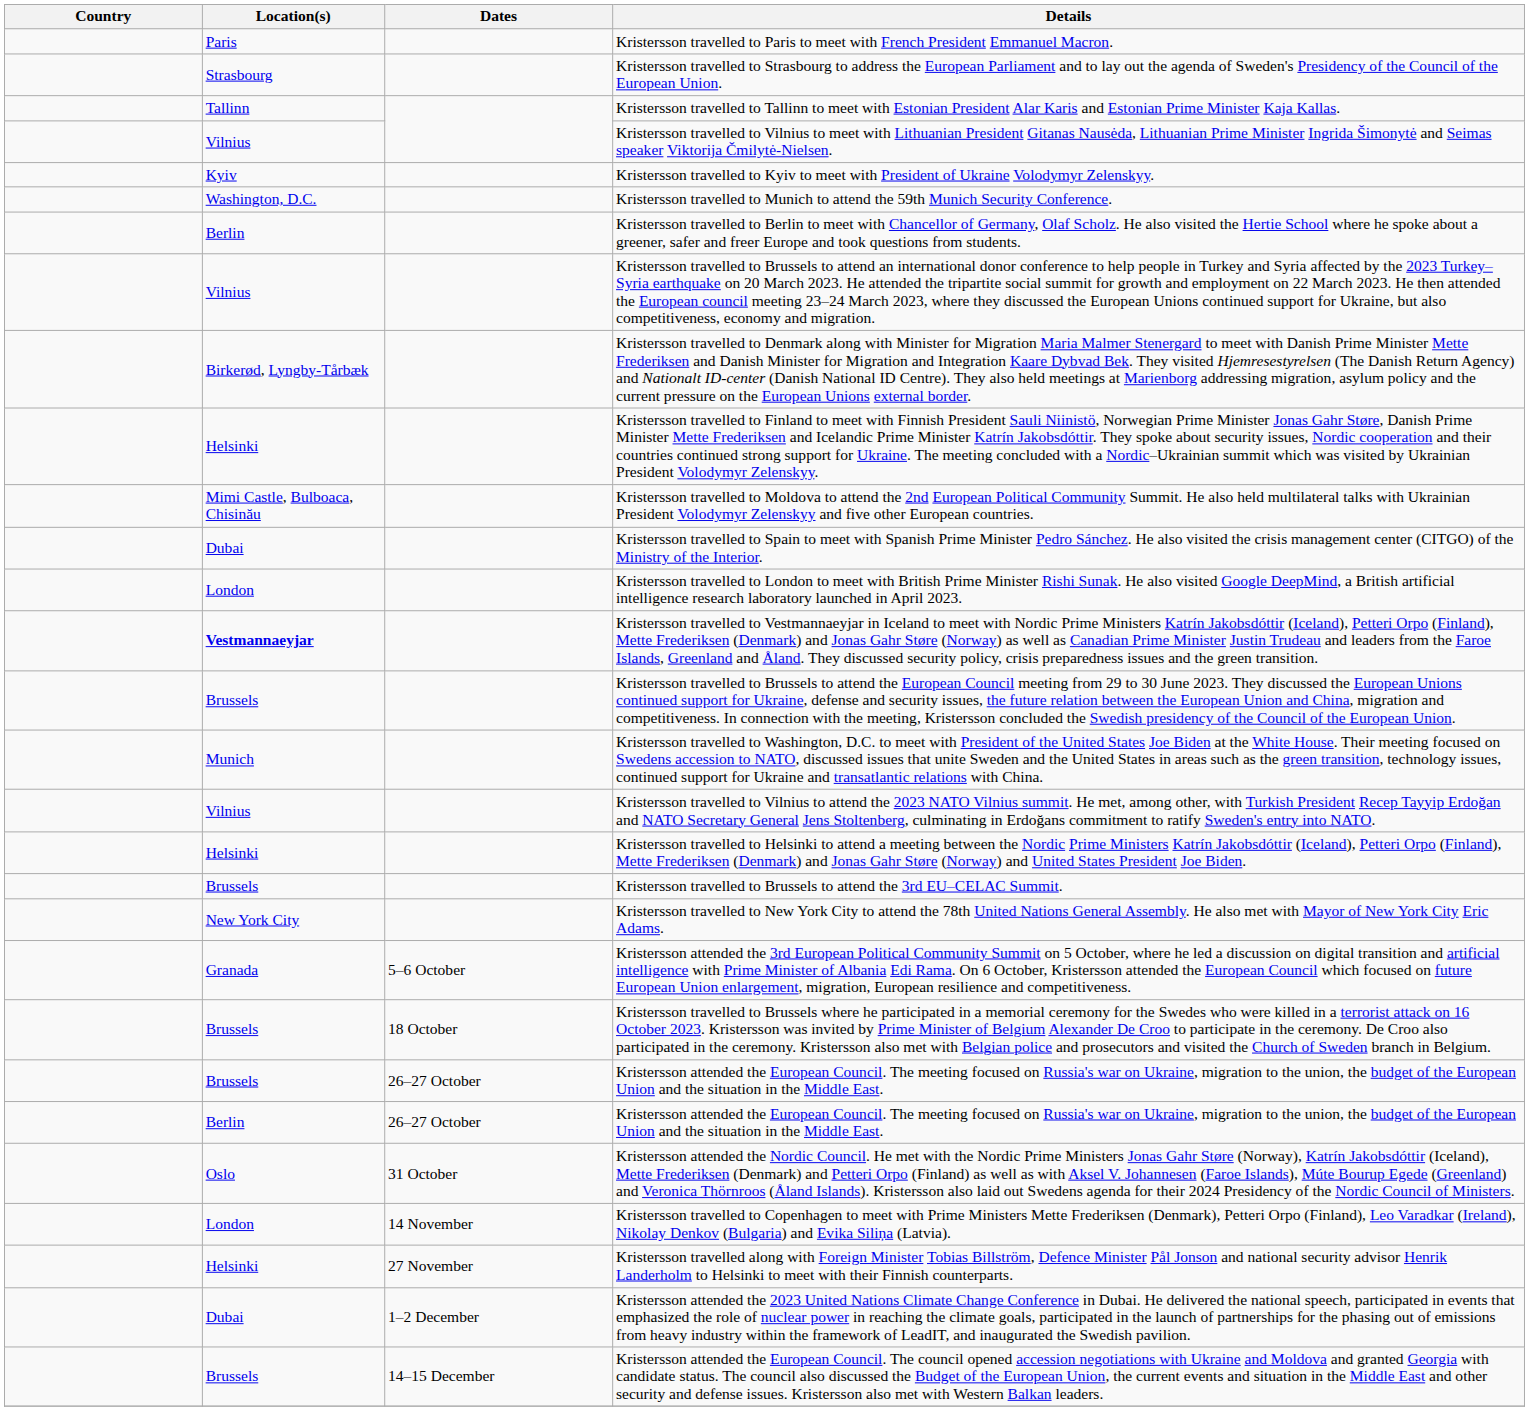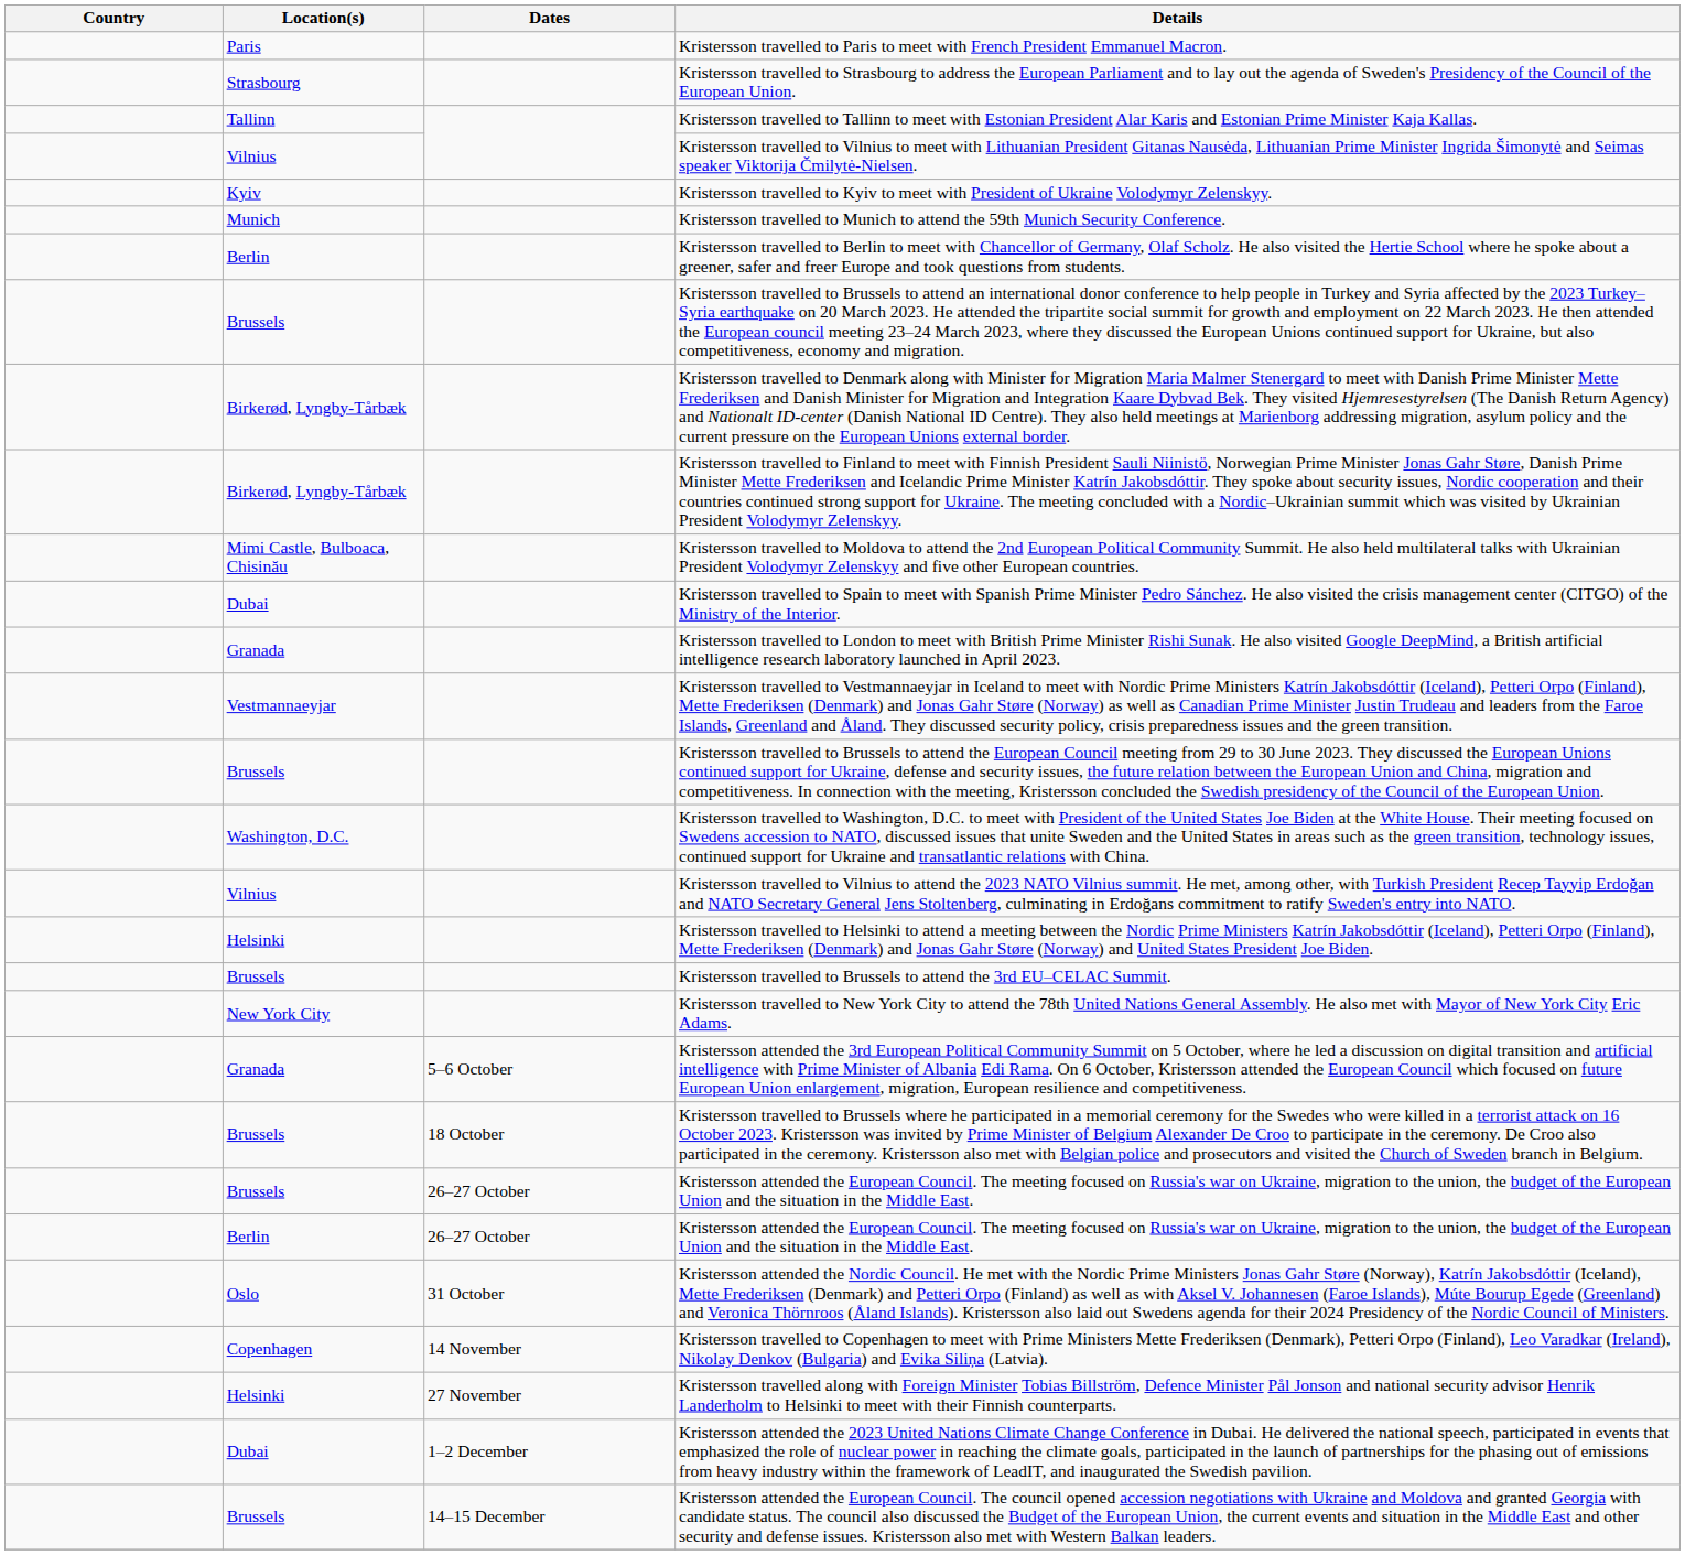 <table class="wikitable sortable" border="1">
 <tr>
 <th style="width: 13%;">Country</th>
 <th style="width: 12%;">Location(s)</th>
 <th style="width: 15%;">Dates</th>
 <th style="width: 60%;" class="unsortable">Details</th>
 </tr>
 <tr>
 <td></td>
 <td><a href='#'>Paris</a></td>
 <td></td>
 <td>Kristersson travelled to Paris to meet with <a href='#'>French President</a> <a href='#'>Emmanuel Macron</a>.</td>
 </tr>
 <tr>
 <td></td>
 <td><a href='#'>Strasbourg</a></td>
 <td></td>
 <td>Kristersson travelled to Strasbourg to address the <a href='#'>European Parliament</a> and to lay out the agenda of Sweden's <a href='#'>Presidency of the Council of the European Union</a>.</td>
 </tr>
 <tr>
 <td></td>
 <td><a href='#'>Tallinn</a></td>
 <td rowspan=2></td>
 <td>Kristersson travelled to Tallinn to meet with <a href='#'>Estonian President</a> <a href='#'>Alar Karis</a> and <a href='#'>Estonian Prime Minister</a> <a href='#'>Kaja Kallas</a>.</td>
 </tr>
 <tr>
 <td></td>
 <td><a href='#'>Vilnius</a></td>
 <td>Kristersson travelled to Vilnius to meet with <a href='#'>Lithuanian President</a> <a href='#'>Gitanas Nausėda</a>, <a href='#'>Lithuanian Prime Minister</a> <a href='#'>Ingrida Šimonytė</a> and <a href='#'>Seimas speaker</a> <a href='#'>Viktorija Čmilytė-Nielsen</a>.</td>
 </tr>
 <tr>
 <td></td>
 <td><a href='#'>Kyiv</a></td>
 <td rowspan=1></td>
 <td>Kristersson travelled to Kyiv to meet with <a href='#'>President of Ukraine</a> <a href='#'>Volodymyr Zelenskyy</a>.</td>
 </tr>
 <tr>
 <td></td>
-<td><a href='#'>Washington, D.C.</a></td>
+<td><a href='#'>Munich</a></td>
 <td rowspan=1></td>
 <td>Kristersson travelled to Munich to attend the 59th <a href='#'>Munich Security Conference</a>.</td>
 </tr>
 <tr>
 <td></td>
 <td><a href='#'>Berlin</a></td>
 <td rowspan=1></td>
 <td>Kristersson travelled to Berlin to meet with <a href='#'>Chancellor of Germany</a>, <a href='#'>Olaf Scholz</a>. He also visited the <a href='#'>Hertie School</a> where he spoke about a greener, safer and freer Europe and took questions from students.</td>
 </tr>
 <tr>
 <td></td>
-<td><a href='#'>Vilnius</a></td>
+<td><a href='#'>Brussels</a></td>
 <td rowspan=1></td>
 <td>Kristersson travelled to Brussels to attend an international donor conference to help people in Turkey and Syria affected by the <a href='#'>2023 Turkey–Syria earthquake</a> on 20 March 2023. He attended the tripartite social summit for growth and employment on 22 March 2023. He then attended the <a href='#'>European council</a> meeting 23–24 March 2023, where they discussed the European Unions continued support for Ukraine, but also competitiveness, economy and migration.</td>
 </tr>
 <tr>
 <td></td>
 <td><a href='#'>Birkerød</a>, <a href='#'>Lyngby-Tårbæk</a></td>
 <td rowspan=1></td>
 <td>Kristersson travelled to Denmark along with Minister for Migration <a href='#'>Maria Malmer Stenergard</a> to meet with Danish Prime Minister <a href='#'>Mette Frederiksen</a> and Danish Minister for Migration and Integration <a href='#'>Kaare Dybvad Bek</a>. They visited <em>Hjemresestyrelsen</em> (The Danish Return Agency) and <em>Nationalt ID-center</em> (Danish National ID Centre). They also held meetings at <a href='#'>Marienborg</a> addressing migration, asylum policy and the current pressure on the <a href='#'>European Unions</a> <a href='#'>external border</a>.</td>
 </tr>
 <tr>
 <td></td>
-<td><a href='#'>Helsinki</a></td>
+<td><a href='#'>Birkerød</a>, <a href='#'>Lyngby-Tårbæk</a></td>
 <td rowspan=1></td>
 <td>Kristersson travelled to Finland to meet with Finnish President <a href='#'>Sauli Niinistö</a>, Norwegian Prime Minister <a href='#'>Jonas Gahr Støre</a>, Danish Prime Minister <a href='#'>Mette Frederiksen</a> and Icelandic Prime Minister <a href='#'>Katrín Jakobsdóttir</a>. They spoke about security issues, <a href='#'>Nordic cooperation</a> and their countries continued strong support for <a href='#'>Ukraine</a>. The meeting concluded with a <a href='#'>Nordic</a>–Ukrainian summit which was visited by Ukrainian President <a href='#'>Volodymyr Zelenskyy</a>.</td>
 </tr>
 <tr>
 <td></td>
 <td><a href='#'>Mimi Castle</a>, <a href='#'>Bulboaca</a>, <a href='#'>Chisinău</a></td>
 <td rowspan=1></td>
 <td>Kristersson travelled to Moldova to attend the <a href='#'>2nd</a> <a href='#'>European Political Community</a> Summit. He also held multilateral talks with Ukrainian President <a href='#'>Volodymyr Zelenskyy</a> and five other European countries.</td>
 </tr>
 <tr>
 <td></td>
 <td><a href='#'>Dubai</a></td>
 <td rowspan=1></td>
 <td>Kristersson travelled to Spain to meet with Spanish Prime Minister <a href='#'>Pedro Sánchez</a>. He also visited the crisis management center (CITGO) of the <a href='#'>Ministry of the Interior</a>.</td>
 </tr>
 <tr>
 <td></td>
-<td><a href='#'>London</a></td>
+<td><a href='#'>Granada</a></td>
 <td rowspan=1></td>
 <td>Kristersson travelled to London to meet with British Prime Minister <a href='#'>Rishi Sunak</a>. He also visited <a href='#'>Google DeepMind</a>, a British artificial intelligence research laboratory launched in April 2023.</td>
 </tr>
 <tr>
 <td></td>
-<td><strong><a href='#'>Vestmannaeyjar</a></strong></td>
+<td><a href='#'>Vestmannaeyjar</a></td>
 <td rowspan=1></td>
 <td>Kristersson travelled to Vestmannaeyjar in Iceland to meet with Nordic Prime Ministers <a href='#'>Katrín Jakobsdóttir</a> (<a href='#'>Iceland</a>), <a href='#'>Petteri Orpo</a> (<a href='#'>Finland</a>), <a href='#'>Mette Frederiksen</a> (<a href='#'>Denmark</a>) and <a href='#'>Jonas Gahr Støre</a> (<a href='#'>Norway</a>) as well as <a href='#'>Canadian Prime Minister</a> <a href='#'>Justin Trudeau</a> and leaders from the <a href='#'>Faroe Islands</a>, <a href='#'>Greenland</a> and <a href='#'>Åland</a>. They discussed security policy, crisis preparedness issues and the green transition.</td>
 </tr>
 <tr>
 <td></td>
 <td><a href='#'>Brussels</a></td>
 <td rowspan=1></td>
 <td>Kristersson travelled to Brussels to attend the <a href='#'>European Council</a> meeting from 29 to 30 June 2023. They discussed the <a href='#'>European Unions continued support for Ukraine</a>, defense and security issues, <a href='#'>the future relation between the European Union and China</a>, migration and competitiveness. In connection with the meeting, Kristersson concluded the <a href='#'>Swedish presidency of the Council of the European Union</a>.</td>
 </tr>
 <tr>
 <td></td>
-<td><a href='#'>Munich</a></td>
+<td><a href='#'>Washington, D.C.</a></td>
 <td rowspan=1></td>
 <td>Kristersson travelled to Washington, D.C. to meet with <a href='#'>President of the United States</a> <a href='#'>Joe Biden</a> at the <a href='#'>White House</a>. Their meeting focused on <a href='#'>Swedens accession to NATO</a>, discussed issues that unite Sweden and the United States in areas such as the <a href='#'>green transition</a>, technology issues, continued support for Ukraine and <a href='#'>transatlantic relations</a> with China.</td>
 </tr>
 <tr>
 <td></td>
 <td><a href='#'>Vilnius</a></td>
 <td rowspan=1></td>
 <td>Kristersson travelled to Vilnius to attend the <a href='#'>2023 NATO Vilnius summit</a>. He met, among other, with <a href='#'>Turkish President</a> <a href='#'>Recep Tayyip Erdoğan</a> and <a href='#'>NATO Secretary General</a> <a href='#'>Jens Stoltenberg</a>, culminating in Erdoğans commitment to ratify <a href='#'>Sweden's entry into NATO</a>.</td>
 </tr>
 <tr>
 <td></td>
 <td><a href='#'>Helsinki</a></td>
 <td rowspan=1></td>
 <td>Kristersson travelled to Helsinki to attend a meeting between the <a href='#'>Nordic</a> <a href='#'>Prime Ministers</a> <a href='#'>Katrín Jakobsdóttir</a> (<a href='#'>Iceland</a>), <a href='#'>Petteri Orpo</a> (<a href='#'>Finland</a>), <a href='#'>Mette Frederiksen</a> (<a href='#'>Denmark</a>) and <a href='#'>Jonas Gahr Støre</a> (<a href='#'>Norway</a>) and <a href='#'>United States President</a> <a href='#'>Joe Biden</a>.</td>
 </tr>
 <tr>
 <td></td>
 <td><a href='#'>Brussels</a></td>
 <td rowspan=1></td>
 <td>Kristersson travelled to Brussels to attend the <a href='#'>3rd EU–CELAC Summit</a>.</td>
 </tr>
 <tr>
 <td></td>
 <td><a href='#'>New York City</a></td>
 <td rowspan=1></td>
 <td>Kristersson travelled to New York City to attend the 78th <a href='#'>United Nations General Assembly</a>. He also met with <a href='#'>Mayor of New York City</a> <a href='#'>Eric Adams</a>.</td>
 </tr>
 <tr>
 <td></td>
 <td><a href='#'>Granada</a></td>
 <td>5–6 October</td>
 <td>Kristersson attended the <a href='#'>3rd European Political Community Summit</a> on 5 October, where he led a discussion on digital transition and <a href='#'>artificial intelligence</a> with <a href='#'>Prime Minister of Albania</a> <a href='#'>Edi Rama</a>. On 6 October, Kristersson attended the <a href='#'>European Council</a> which focused on <a href='#'>future European Union enlargement</a>, migration, European resilience and competitiveness.</td>
 </tr>
 <tr>
 <td></td>
 <td><a href='#'>Brussels</a></td>
 <td>18 October</td>
 <td>Kristersson travelled to Brussels where he participated in a memorial ceremony for the Swedes who were killed in a <a href='#'>terrorist attack on 16 October 2023</a>. Kristersson was invited by <a href='#'>Prime Minister of Belgium</a> <a href='#'>Alexander De Croo</a> to participate in the ceremony. De Croo also participated in the ceremony. Kristersson also met with <a href='#'>Belgian police</a> and prosecutors and visited the <a href='#'>Church of Sweden</a> branch in Belgium.</td>
 </tr>
 <tr>
 <td></td>
 <td><a href='#'>Brussels</a></td>
 <td>26–27 October</td>
 <td>Kristersson attended the <a href='#'>European Council</a>. The meeting focused on <a href='#'>Russia's war on Ukraine</a>, migration to the union, the <a href='#'>budget of the European Union</a> and the situation in the <a href='#'>Middle East</a>.</td>
 </tr>
 <tr>
 <td></td>
 <td><a href='#'>Berlin</a></td>
 <td>26–27 October</td>
 <td>Kristersson attended the <a href='#'>European Council</a>. The meeting focused on <a href='#'>Russia's war on Ukraine</a>, migration to the union, the <a href='#'>budget of the European Union</a> and the situation in the <a href='#'>Middle East</a>.</td>
 </tr>
 <tr>
 <td></td>
 <td><a href='#'>Oslo</a></td>
 <td>31 October</td>
 <td>Kristersson attended the <a href='#'>Nordic Council</a>. He met with the Nordic Prime Ministers <a href='#'>Jonas Gahr Støre</a> (Norway), <a href='#'>Katrín Jakobsdóttir</a> (Iceland), <a href='#'>Mette Frederiksen</a> (Denmark) and <a href='#'>Petteri Orpo</a> (Finland) as well as with <a href='#'>Aksel V. Johannesen</a> (<a href='#'>Faroe Islands</a>), <a href='#'>Múte Bourup Egede</a> (<a href='#'>Greenland</a>) and <a href='#'>Veronica Thörnroos</a> (<a href='#'>Åland Islands</a>). Kristersson also laid out Swedens agenda for their 2024 Presidency of the <a href='#'>Nordic Council of Ministers</a>.</td>
 </tr>
 <tr>
 <td></td>
-<td><a href='#'>London</a></td>
+<td><a href='#'>Copenhagen</a></td>
 <td>14 November</td>
 <td>Kristersson travelled to Copenhagen to meet with Prime Ministers Mette Frederiksen (Denmark), Petteri Orpo (Finland), <a href='#'>Leo Varadkar</a> (<a href='#'>Ireland</a>), <a href='#'>Nikolay Denkov</a> (<a href='#'>Bulgaria</a>) and <a href='#'>Evika Siliņa</a> (Latvia).</td>
 </tr>
 <tr>
 <td></td>
 <td><a href='#'>Helsinki</a></td>
 <td>27 November</td>
 <td>Kristersson travelled along with <a href='#'>Foreign Minister</a> <a href='#'>Tobias Billström</a>, <a href='#'>Defence Minister</a> <a href='#'>Pål Jonson</a> and national security advisor <a href='#'>Henrik Landerholm</a> to Helsinki to meet with their Finnish counterparts.</td>
 </tr>
 <tr>
 <td></td>
 <td><a href='#'>Dubai</a></td>
 <td>1–2 December</td>
 <td>Kristersson attended the <a href='#'>2023 United Nations Climate Change Conference</a> in Dubai. He delivered the national speech, participated in events that emphasized the role of <a href='#'>nuclear power</a> in reaching the climate goals, participated in the launch of partnerships for the phasing out of emissions from heavy industry within the framework of LeadIT, and inaugurated the Swedish pavilion.</td>
 </tr>
 <tr>
 <td></td>
 <td><a href='#'>Brussels</a></td>
 <td>14–15 December</td>
 <td>Kristersson attended the <a href='#'>European Council</a>. The council opened <a href='#'>accession negotiations with Ukraine</a> <a href='#'>and Moldova</a> and granted <a href='#'>Georgia</a> with candidate status. The council also discussed the <a href='#'>Budget of the European Union</a>, the current events and situation in the <a href='#'>Middle East</a> and other security and defense issues. Kristersson also met with Western <a href='#'>Balkan</a> leaders.</td>
 </tr>
 <tr>
 </tr>
 </table>
